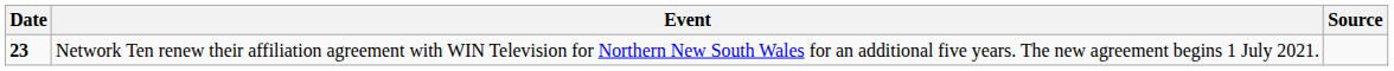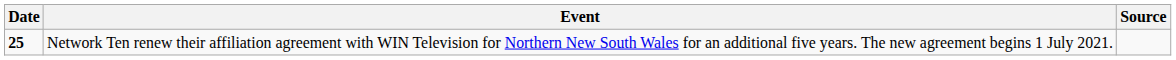 <table class="wikitable">
 <tr>
 <th>Date</th>
 <th>Event</th>
 <th>Source</th>
 </tr>
 <tr>
-<td><strong>23</strong></td>
+<td><strong>25</strong></td>
 <td>Network Ten renew their affiliation agreement with WIN Television for <a href='#'>Northern New South Wales</a> for an additional five years. The new agreement begins 1 July 2021.</td>
 <td></td>
 </tr>
 </table>
